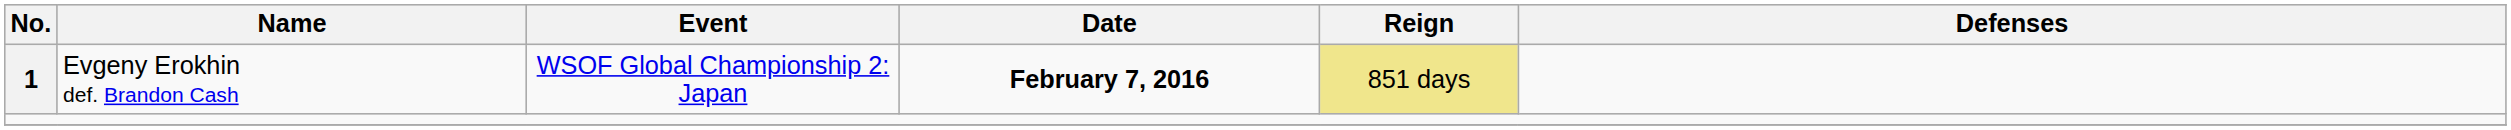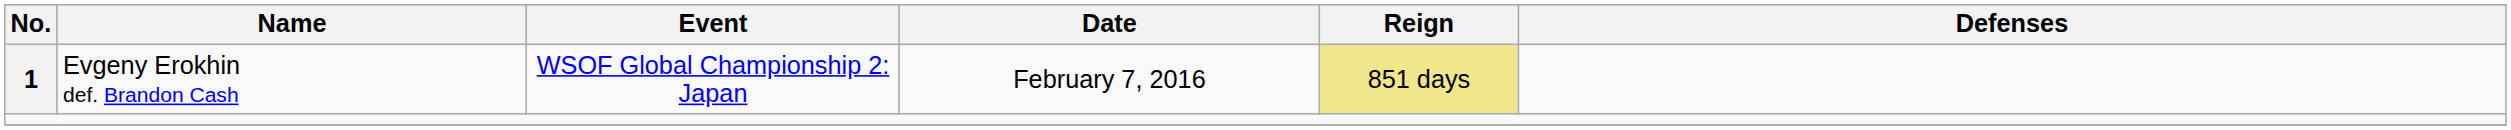 <table class="wikitable" width=100%>
 <tr>
 <th width=1%>No.</th>
 <th width=19%>Name</th>
 <th width=15%>Event</th>
 <th width=17%>Date</th>
 <th width=8%>Reign</th>
 <th width=40%>Defenses</th>
 </tr>
 <tr>
 <th>1</th>
 <td> Evgeny Erokhin <br><small>def. <a href='#'>Brandon Cash</a></small></td>
 <td align=center><a href='#'>WSOF Global Championship 2: Japan</a><br></td>
-<td align=center><strong>February 7, 2016</strong></td>
+<td align=center>February 7, 2016</td>
 <td align=center style="background: khaki;">851 days</td>
 <td></td>
 </tr>
 <tr>
 <td align="center" colspan="6"></td>
 </tr>
 <tr>
 </tr>
 </table>
